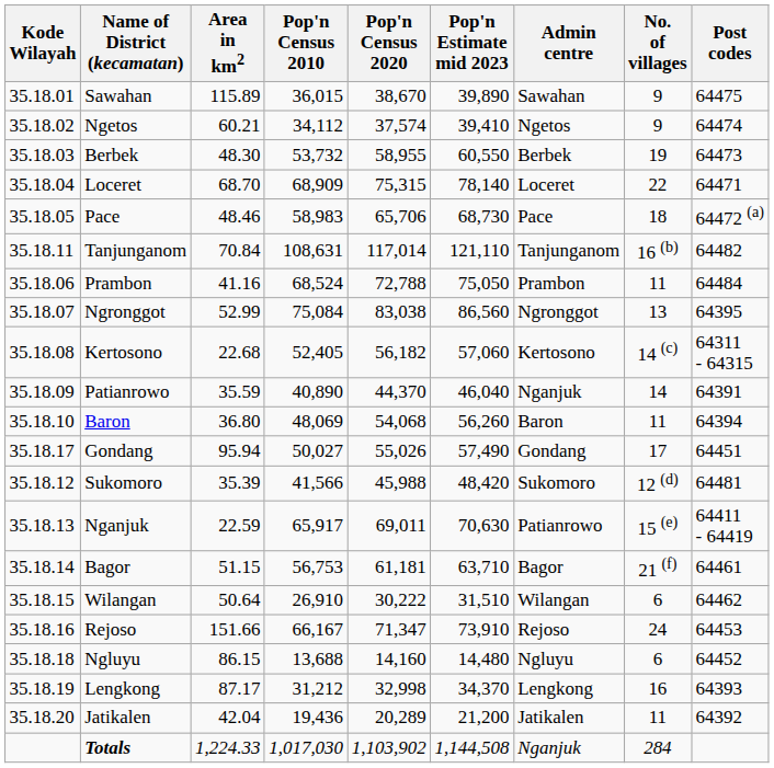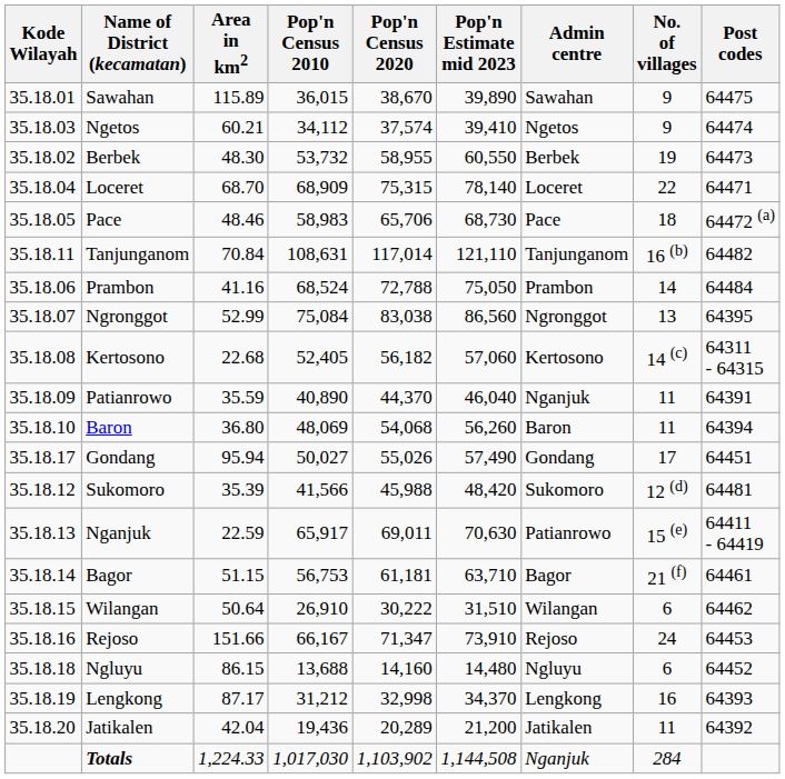 <table class="sortable wikitable">
 <tr>
 <th>Kode <br>Wilayah</th>
 <th>Name of<br>District<br>(<em>kecamatan</em>)</th>
 <th>Area <br> in <br>km<sup>2</sup></th>
 <th>Pop'n<br>Census<br>2010</th>
 <th>Pop'n<br>Census<br>2020</th>
 <th>Pop'n<br>Estimate<br>mid 2023</th>
 <th>Admin<br>centre</th>
 <th>No.<br>of<br>villages</th>
 <th>Post<br>codes</th>
 </tr>
 <tr>
 <td>35.18.01</td>
 <td>Sawahan</td>
 <td align="right">115.89</td>
 <td align="right">36,015</td>
 <td align="right">38,670</td>
 <td align="right">39,890</td>
 <td>Sawahan</td>
 <td align="center">9</td>
 <td>64475</td>
 </tr>
 <tr>
-<td>35.18.02</td>
+<td>35.18.03</td>
 <td>Ngetos</td>
 <td align="right">60.21</td>
 <td align="right">34,112</td>
 <td align="right">37,574</td>
 <td align="right">39,410</td>
 <td>Ngetos</td>
 <td align="center">9</td>
 <td>64474</td>
 </tr>
 <tr>
-<td>35.18.03</td>
+<td>35.18.02</td>
 <td>Berbek</td>
 <td align="right">48.30</td>
 <td align="right">53,732</td>
 <td align="right">58,955</td>
 <td align="right">60,550</td>
 <td>Berbek</td>
 <td align="center">19</td>
 <td>64473</td>
 </tr>
 <tr>
 <td>35.18.04</td>
 <td>Loceret</td>
 <td align="right">68.70</td>
 <td align="right">68,909</td>
 <td align="right">75,315</td>
 <td align="right">78,140</td>
 <td>Loceret</td>
 <td align="center">22</td>
 <td>64471</td>
 </tr>
 <tr>
 <td>35.18.05</td>
 <td>Pace</td>
 <td align="right">48.46</td>
 <td align="right">58,983</td>
 <td align="right">65,706</td>
 <td align="right">68,730</td>
 <td>Pace</td>
 <td align="center">18</td>
 <td>64472 <sup>(a)</sup></td>
 </tr>
 <tr>
 <td>35.18.11</td>
 <td>Tanjunganom</td>
 <td align="right">70.84</td>
 <td align="right">108,631</td>
 <td align="right">117,014</td>
 <td align="right">121,110</td>
 <td>Tanjunganom</td>
 <td align="center">16 <sup>(b)</sup></td>
 <td>64482</td>
 </tr>
 <tr>
 <td>35.18.06</td>
 <td>Prambon</td>
 <td align="right">41.16</td>
 <td align="right">68,524</td>
 <td align="right">72,788</td>
 <td align="right">75,050</td>
 <td>Prambon</td>
-<td align="center">11</td>
+<td align="center">14</td>
 <td>64484</td>
 </tr>
 <tr>
 <td>35.18.07</td>
 <td>Ngronggot</td>
 <td align="right">52.99</td>
 <td align="right">75,084</td>
 <td align="right">83,038</td>
 <td align="right">86,560</td>
 <td>Ngronggot</td>
 <td align="center">13</td>
 <td>64395</td>
 </tr>
 <tr>
 <td>35.18.08</td>
 <td>Kertosono</td>
 <td align="right">22.68</td>
 <td align="right">52,405</td>
 <td align="right">56,182</td>
 <td align="right">57,060</td>
 <td>Kertosono</td>
 <td align="center">14 <sup>(c)</sup></td>
 <td>64311<br>- 64315</td>
 </tr>
 <tr>
 <td>35.18.09</td>
 <td>Patianrowo</td>
 <td align="right">35.59</td>
 <td align="right">40,890</td>
 <td align="right">44,370</td>
 <td align="right">46,040</td>
 <td>Nganjuk</td>
-<td align="center">14</td>
+<td align="center">11</td>
 <td>64391</td>
 </tr>
 <tr>
 <td>35.18.10</td>
 <td><a href='#'>Baron</a></td>
 <td align="right">36.80</td>
 <td align="right">48,069</td>
 <td align="right">54,068</td>
 <td align="right">56,260</td>
 <td>Baron</td>
 <td align="center">11</td>
 <td>64394</td>
 </tr>
 <tr>
 <td>35.18.17</td>
 <td>Gondang</td>
 <td align="right">95.94</td>
 <td align="right">50,027</td>
 <td align="right">55,026</td>
 <td align="right">57,490</td>
 <td>Gondang</td>
 <td align="center">17</td>
 <td>64451</td>
 </tr>
 <tr>
 <td>35.18.12</td>
 <td>Sukomoro</td>
 <td align="right">35.39</td>
 <td align="right">41,566</td>
 <td align="right">45,988</td>
 <td align="right">48,420</td>
 <td>Sukomoro</td>
 <td align="center">12 <sup>(d)</sup></td>
 <td>64481</td>
 </tr>
 <tr>
 <td>35.18.13</td>
 <td>Nganjuk</td>
 <td align="right">22.59</td>
 <td align="right">65,917</td>
 <td align="right">69,011</td>
 <td align="right">70,630</td>
 <td>Patianrowo</td>
 <td align="center">15 <sup>(e)</sup></td>
 <td>64411<br>- 64419</td>
 </tr>
 <tr>
 <td>35.18.14</td>
 <td>Bagor</td>
 <td align="right">51.15</td>
 <td align="right">56,753</td>
 <td align="right">61,181</td>
 <td align="right">63,710</td>
 <td>Bagor</td>
 <td align="center">21 <sup>(f)</sup></td>
 <td>64461</td>
 </tr>
 <tr>
 <td>35.18.15</td>
 <td>Wilangan</td>
 <td align="right">50.64</td>
 <td align="right">26,910</td>
 <td align="right">30,222</td>
 <td align="right">31,510</td>
 <td>Wilangan</td>
 <td align="center">6</td>
 <td>64462</td>
 </tr>
 <tr>
 <td>35.18.16</td>
 <td>Rejoso</td>
 <td align="right">151.66</td>
 <td align="right">66,167</td>
 <td align="right">71,347</td>
 <td align="right">73,910</td>
 <td>Rejoso</td>
 <td align="center">24</td>
 <td>64453</td>
 </tr>
 <tr>
 <td>35.18.18</td>
 <td>Ngluyu</td>
 <td align="right">86.15</td>
 <td align="right">13,688</td>
 <td align="right">14,160</td>
 <td align="right">14,480</td>
 <td>Ngluyu</td>
 <td align="center">6</td>
 <td>64452</td>
 </tr>
 <tr>
 <td>35.18.19</td>
 <td>Lengkong</td>
 <td align="right">87.17</td>
 <td align="right">31,212</td>
 <td align="right">32,998</td>
 <td align="right">34,370</td>
 <td>Lengkong</td>
 <td align="center">16</td>
 <td>64393</td>
 </tr>
 <tr>
 <td>35.18.20</td>
 <td>Jatikalen</td>
 <td align="right">42.04</td>
 <td align="right">19,436</td>
 <td align="right">20,289</td>
 <td align="right">21,200</td>
 <td>Jatikalen</td>
 <td align="center">11</td>
 <td>64392</td>
 </tr>
 <tr>
 <td></td>
 <td><strong><em>Totals</em></strong></td>
 <td align="right"><em>1,224.33</em></td>
 <td align="right"><em>1,017,030</em></td>
 <td align="right"><em>1,103,902</em></td>
 <td align="right"><em>1,144,508</em></td>
 <td><em>Nganjuk</em></td>
 <td align="center"><em>284</em></td>
 <td></td>
 </tr>
 </table>
